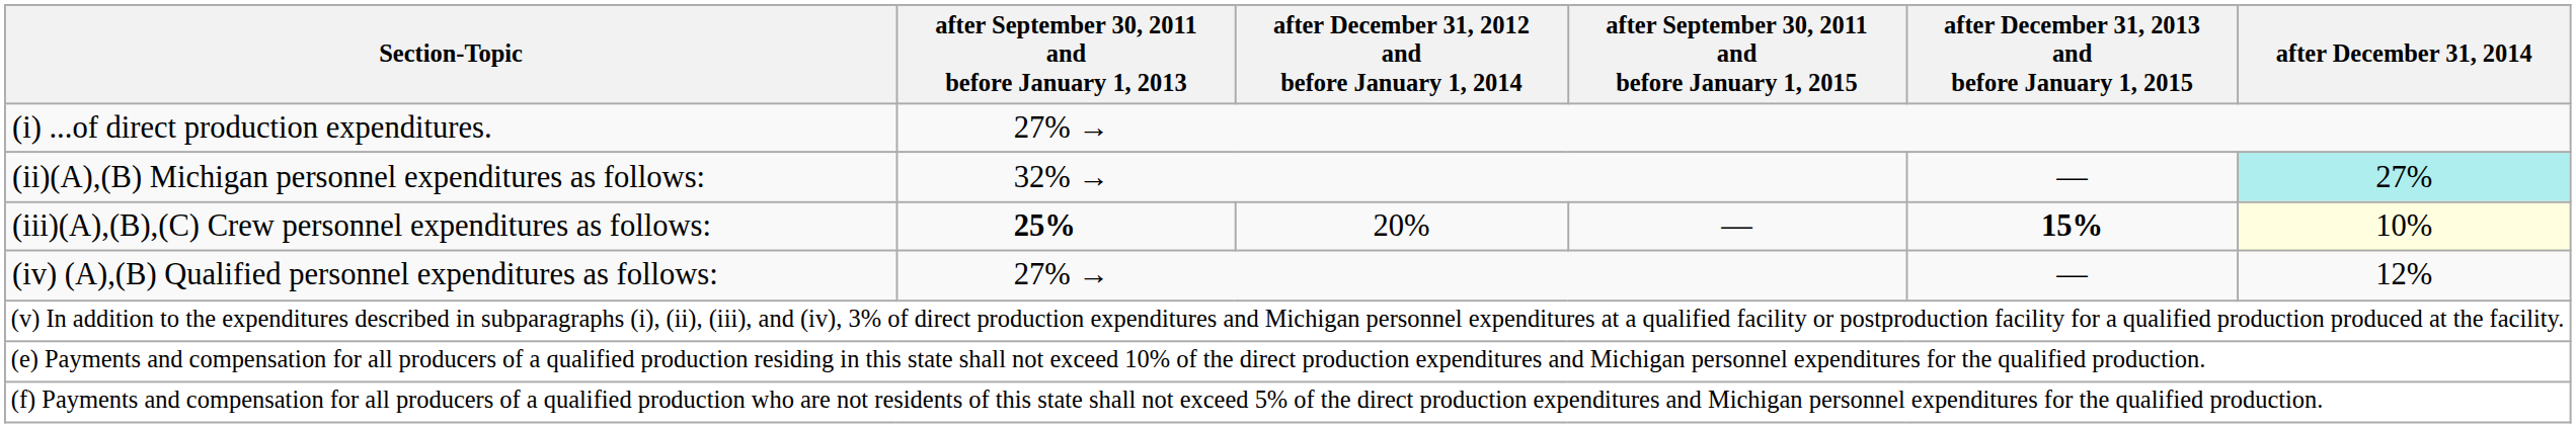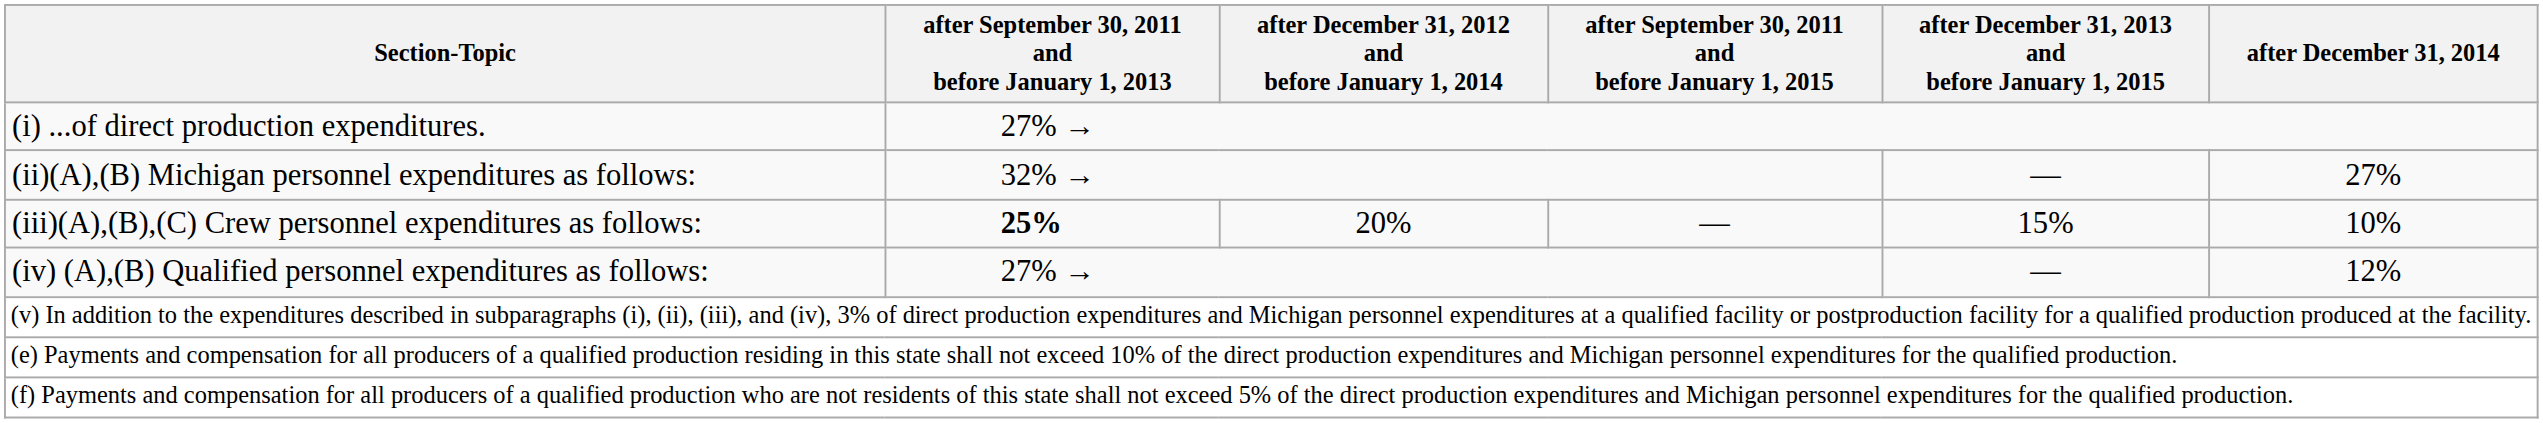 <table style = "text-align:center;" class = "wikitable">
 <tr>
 <th style = "font-size: 80%;">Section-Topic</th>
 <th style = "font-size: 80%;">after September 30, 2011 <br> and <br> before January 1, 2013</th>
 <th style = "font-size: 80%;">after December 31, 2012 <br> and <br> before January 1, 2014</th>
 <th style = "font-size: 80%;">after September 30, 2011 <br> and <br> before January 1, 2015</th>
 <th style = "font-size: 80%;">after December 31, 2013 <br> and <br> before January 1, 2015</th>
 <th style = "font-size: 80%;">after December 31, 2014</th>
 </tr>
 <tr>
 <td style = "text-align:left;">(i) ...of direct production expenditures.</td>
 <td colspan="5" style = "text-align:left;padding-left: 60px;">27% →</td>
 </tr>
 <tr>
 <td style = "text-align:left;">(ii)(A),(B) Michigan personnel expenditures as follows:</td>
 <td colspan="3" style = "text-align:left;padding-left: 60px;">32% →</td>
 <td>—</td>
-<td style="background: paleturquoise;">27%</td>
+<td>27%</td>
 </tr>
 <tr>
 <td style = "text-align:left;">(iii)(A),(B),(C) Crew personnel expenditures as follows:</td>
 <td style = "text-align:left;padding-left: 60px;"><strong>25%</strong></td>
 <td>20%</td>
 <td>—</td>
-<td><strong>15%</strong></td>
-<td style="background: lightyellow;">10%</td>
+<td>15%</td>
+<td>10%</td>
 </tr>
 <tr>
 <td style = "text-align:left;">(iv) (A),(B) Qualified personnel expenditures as follows:</td>
 <td colspan="3" style = "text-align:left;padding-left: 60px;">27% →</td>
 <td>—</td>
 <td>12%</td>
 </tr>
 <tr style = "background-color: white; text-align:left; font-size: 80%;">
 <td colspan="6">(v) In addition to the expenditures described in subparagraphs (i), (ii), (iii), and (iv), 3% of direct production expenditures and Michigan personnel expenditures at a qualified facility or postproduction facility for a qualified production produced at the facility.</td>
 </tr>
 <tr style = "background-color: white; text-align:left; font-size: 80%;">
 <td colspan="6">(e) Payments and compensation for all producers of a qualified production residing in this state shall not exceed 10% of the direct production expenditures and Michigan personnel expenditures for the qualified production.</td>
 </tr>
 <tr style = "background-color: white; text-align:left; font-size: 80%;">
 <td colspan="6">(f) Payments and compensation for all producers of a qualified production who are not residents of this state shall not exceed 5% of the direct production expenditures and Michigan personnel expenditures for the qualified production.</td>
 </tr>
 </table>
